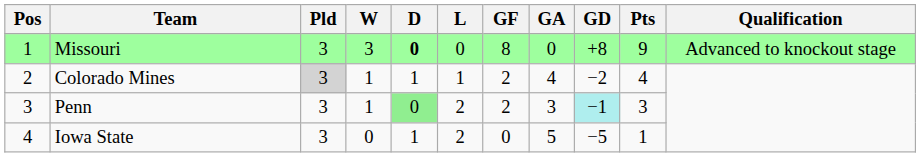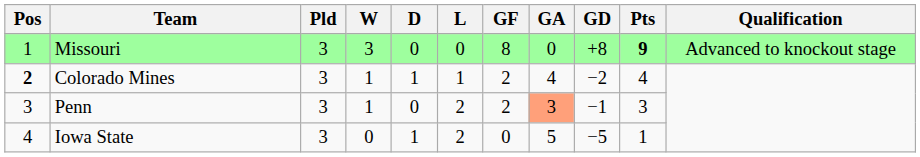 <table class="wikitable" style="text-align:center; margin: 1em auto">
 <tr>
 <th style="width:2em">Pos</th>
 <th style="width:13em">Team</th>
 <th style="width:2em">Pld</th>
 <th style="width:2em">W</th>
 <th style="width:2em">D</th>
 <th style="width:2em">L</th>
 <th style="width:2em">GF</th>
 <th style="width:2em">GA</th>
 <th style="width:2em">GD</th>
 <th style="width:2em">Pts</th>
 <th style="width:13em">Qualification</th>
 </tr>
 <tr bgcolor="#9eff9e">
 <td>1</td>
 <td style="text-align:left">Missouri</td>
 <td>3</td>
 <td>3</td>
-<td><strong>0</strong></td>
+<td>0</td>
 <td>0</td>
 <td>8</td>
 <td>0</td>
 <td>+8</td>
-<td>9</td>
+<td><strong>9</strong></td>
 <td>Advanced to knockout stage</td>
 </tr>
 <tr>
-<td>2</td>
+<td><strong>2</strong></td>
 <td style="text-align:left">Colorado Mines</td>
-<td style="background: lightgrey;">3</td>
+<td>3</td>
 <td>1</td>
 <td>1</td>
 <td>1</td>
 <td>2</td>
 <td>4</td>
 <td>−2</td>
 <td>4</td>
 </tr>
 <tr>
 <td>3</td>
 <td style="text-align:left">Penn</td>
 <td>3</td>
 <td>1</td>
-<td style="background: lightgreen;">0</td>
+<td>0</td>
 <td>2</td>
 <td>2</td>
-<td>3</td>
-<td style="background: paleturquoise;">−1</td>
+<td style="background: lightsalmon;">3</td>
+<td>−1</td>
 <td>3</td>
 </tr>
 <tr>
 <td>4</td>
 <td style="text-align:left">Iowa State</td>
 <td>3</td>
 <td>0</td>
 <td>1</td>
 <td>2</td>
 <td>0</td>
 <td>5</td>
 <td>−5</td>
 <td>1</td>
 </tr>
 </table>
